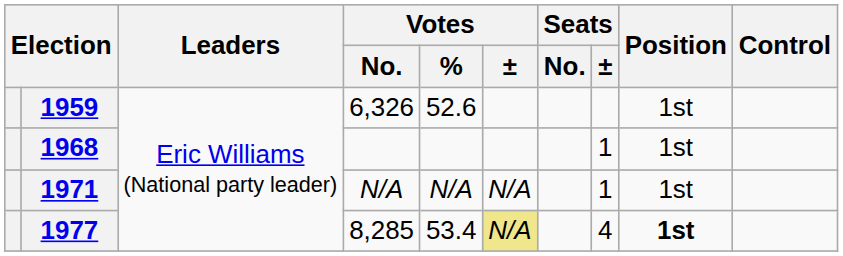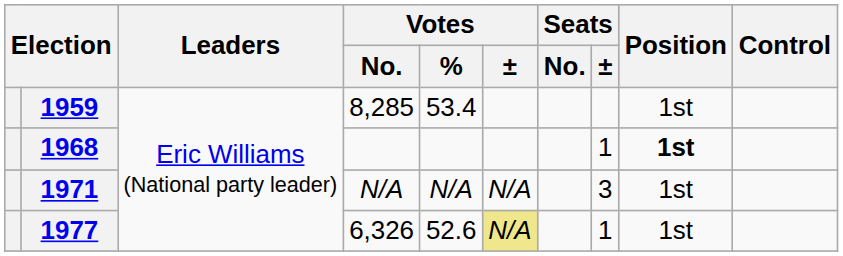 <table class="wikitable" style="text-align:center">
 <tr>
 <th colspan="2" rowspan="2">Election</th>
 <th rowspan="2">Leaders</th>
 <th colspan="3">Votes</th>
 <th colspan="2">Seats</th>
 <th rowspan="2">Position</th>
 <th rowspan="2">Control</th>
 </tr>
 <tr>
 <th>No.</th>
 <th>%</th>
 <th>±</th>
 <th>No.</th>
 <th>±</th>
 </tr>
 <tr>
 <th style="background-color: "></th>
 <th><a href='#'>1959</a></th>
 <td rowspan="4"><a href='#'>Eric Williams</a><br><small>(National party leader)</small></td>
-<td>6,326</td>
-<td>52.6</td>
+<td>8,285</td>
+<td>53.4</td>
 <td></td>
 <td></td>
 <td></td>
 <td>1st</td>
 <td></td>
 </tr>
 <tr>
 <th style="background-color: "></th>
 <th><a href='#'>1968</a></th>
 <td></td>
 <td></td>
 <td></td>
 <td></td>
 <td>1</td>
-<td> 1st</td>
+<td><strong> 1st</strong></td>
 <td></td>
 </tr>
 <tr>
 <th style="background-color: "></th>
 <th><a href='#'>1971</a></th>
 <td><em>N/A</em></td>
 <td><em>N/A</em></td>
 <td><em>N/A</em></td>
 <td></td>
-<td>1</td>
+<td>3</td>
 <td> 1st</td>
 <td></td>
 </tr>
 <tr>
 <th style="background-color: "></th>
 <th><a href='#'>1977</a></th>
-<td>8,285</td>
-<td>53.4</td>
+<td>6,326</td>
+<td>52.6</td>
 <td style="background: khaki;"><em>N/A</em></td>
 <td></td>
-<td>4</td>
-<td><strong> 1st</strong></td>
+<td>1</td>
+<td> 1st</td>
 <td></td>
 </tr>
 </table>
